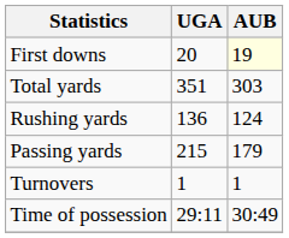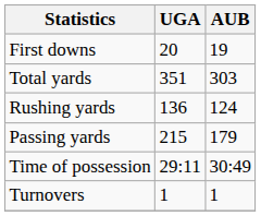 <table class="wikitable">
 <tr>
 <th>Statistics</th>
 <th>UGA</th>
 <th>AUB</th>
 </tr>
 <tr>
 <td>First downs</td>
 <td>20</td>
-<td style="background: lightyellow;">19</td>
+<td>19</td>
 </tr>
 <tr>
 <td>Total yards</td>
 <td>351</td>
 <td>303</td>
 </tr>
 <tr>
 <td>Rushing yards</td>
 <td>136</td>
 <td>124</td>
 </tr>
 <tr>
 <td>Passing yards</td>
 <td>215</td>
 <td>179</td>
 </tr>
 <tr>
+<td>Time of possession</td>
+<td>29:11</td>
+<td>30:49</td>
+</tr>
+<tr>
 <td>Turnovers</td>
 <td>1</td>
 <td>1</td>
 </tr>
 <tr>
-<td>Time of possession</td>
-<td>29:11</td>
-<td>30:49</td>
-</tr>
-<tr>
 </tr>
 </table>
